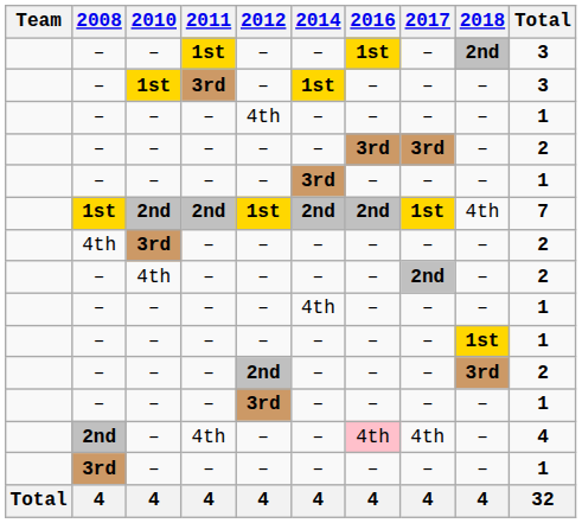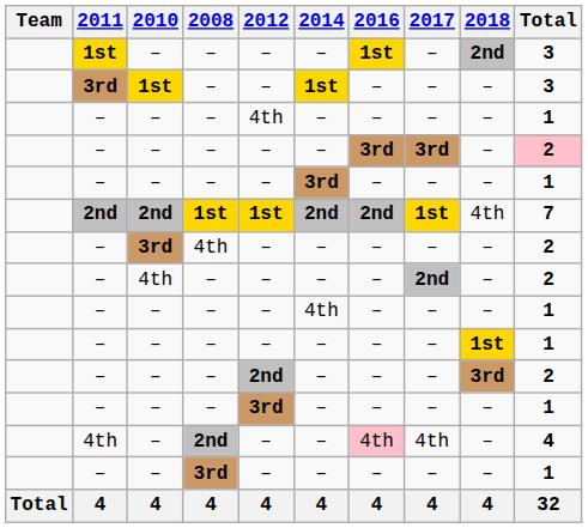 <table class=wikitable style="text-align:center; font-size:90%">
 <tr>
 <th>Team</th>
+<th><a href='#'>2011</a></th>
+<th><a href='#'>2010</a></th>
 <th><a href='#'>2008</a></th>
-<th><a href='#'>2010</a></th>
-<th><a href='#'>2011</a></th>
 <th><a href='#'>2012</a></th>
 <th><a href='#'>2014</a></th>
 <th><a href='#'>2016</a></th>
 <th><a href='#'>2017</a></th>
 <th><a href='#'>2018</a></th>
 <th>Total</th>
 </tr>
 <tr>
 <td align=left></td>
+<td bgcolor=gold><strong>1st</strong></td>
 <td>–</td>
 <td>–</td>
-<td bgcolor=gold><strong>1st</strong></td>
 <td>–</td>
 <td>–</td>
 <td bgcolor=gold><strong>1st</strong></td>
 <td>–</td>
 <td bgcolor=silver><strong>2nd</strong></td>
 <td><strong>3</strong></td>
 </tr>
 <tr>
 <td align=left></td>
+<td bgcolor=#cc9966><strong>3rd</strong></td>
+<td bgcolor=gold><strong>1st</strong></td>
 <td>–</td>
-<td bgcolor=gold><strong>1st</strong></td>
-<td bgcolor=#cc9966><strong>3rd</strong></td>
 <td>–</td>
 <td bgcolor=gold><strong>1st</strong></td>
 <td>–</td>
 <td>–</td>
 <td>–</td>
 <td><strong>3</strong></td>
 </tr>
 <tr>
 <td align=left></td>
 <td>–</td>
 <td>–</td>
 <td>–</td>
 <td>4th</td>
 <td>–</td>
 <td>–</td>
 <td>–</td>
 <td>–</td>
 <td><strong>1</strong></td>
 </tr>
 <tr>
 <td align=left></td>
 <td>–</td>
 <td>–</td>
 <td>–</td>
 <td>–</td>
 <td>–</td>
 <td bgcolor=#cc9966><strong>3rd</strong></td>
 <td bgcolor=#cc9966><strong>3rd</strong></td>
 <td>–</td>
-<td><strong>2</strong></td>
+<td style="background: pink;"><strong>2</strong></td>
 </tr>
 <tr>
 <td align=left></td>
 <td>–</td>
 <td>–</td>
 <td>–</td>
 <td>–</td>
 <td bgcolor=#cc9966><strong>3rd</strong></td>
 <td>–</td>
 <td>–</td>
 <td>–</td>
 <td><strong>1</strong></td>
 </tr>
 <tr>
 <td align=left></td>
-<td bgcolor=gold><strong>1st</strong></td>
 <td bgcolor=silver><strong>2nd</strong></td>
 <td bgcolor=silver><strong>2nd</strong></td>
+<td bgcolor=gold><strong>1st</strong></td>
 <td bgcolor=gold><strong>1st</strong></td>
 <td bgcolor=silver><strong>2nd</strong></td>
 <td bgcolor=silver><strong>2nd</strong></td>
 <td bgcolor=gold><strong>1st</strong></td>
 <td>4th</td>
 <td><strong>7</strong></td>
 </tr>
 <tr>
 <td align=left></td>
+<td>–</td>
+<td bgcolor=#cc9966><strong>3rd</strong></td>
 <td>4th</td>
-<td bgcolor=#cc9966><strong>3rd</strong></td>
-<td>–</td>
 <td>–</td>
 <td>–</td>
 <td>–</td>
 <td>–</td>
 <td>–</td>
 <td><strong>2</strong></td>
 </tr>
 <tr>
 <td align=left></td>
 <td>–</td>
 <td>4th</td>
 <td>–</td>
 <td>–</td>
 <td>–</td>
 <td>–</td>
 <td bgcolor=silver><strong>2nd</strong></td>
 <td>–</td>
 <td><strong>2</strong></td>
 </tr>
 <tr>
 <td align=left></td>
 <td>–</td>
 <td>–</td>
 <td>–</td>
 <td>–</td>
 <td>4th</td>
 <td>–</td>
 <td>–</td>
 <td>–</td>
 <td><strong>1</strong></td>
 </tr>
 <tr>
 <td align=left></td>
 <td>–</td>
 <td>–</td>
 <td>–</td>
 <td>–</td>
 <td>–</td>
 <td>–</td>
 <td>–</td>
 <td bgcolor=gold><strong>1st</strong></td>
 <td><strong>1</strong></td>
 </tr>
 <tr>
 <td align=left></td>
 <td>–</td>
 <td>–</td>
 <td>–</td>
 <td bgcolor=silver><strong>2nd</strong></td>
 <td>–</td>
 <td>–</td>
 <td>–</td>
 <td bgcolor=#cc9966><strong>3rd</strong></td>
 <td><strong>2</strong></td>
 </tr>
 <tr>
 <td align=left></td>
 <td>–</td>
 <td>–</td>
 <td>–</td>
 <td bgcolor=#cc9966><strong>3rd</strong></td>
 <td>–</td>
 <td>–</td>
 <td>–</td>
 <td>–</td>
 <td><strong>1</strong></td>
 </tr>
 <tr>
 <td align=left></td>
+<td>4th</td>
+<td>–</td>
 <td bgcolor=silver><strong>2nd</strong></td>
-<td>–</td>
-<td>4th</td>
 <td>–</td>
 <td>–</td>
 <td style="background: pink;">4th</td>
 <td>4th</td>
 <td>–</td>
 <td><strong>4</strong></td>
 </tr>
 <tr>
 <td align=left></td>
-<td bgcolor=#cc9966><strong>3rd</strong></td>
 <td>–</td>
 <td>–</td>
+<td bgcolor=#cc9966><strong>3rd</strong></td>
 <td>–</td>
 <td>–</td>
 <td>–</td>
 <td>–</td>
 <td>–</td>
 <td><strong>1</strong></td>
 </tr>
 <tr>
 <th>Total</th>
 <th>4</th>
 <th>4</th>
 <th>4</th>
 <th>4</th>
 <th>4</th>
 <th>4</th>
 <th>4</th>
 <th>4</th>
 <th>32</th>
 </tr>
 </table>
